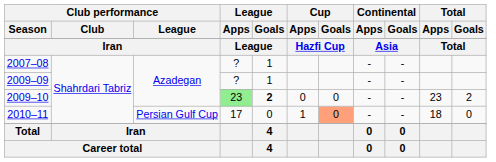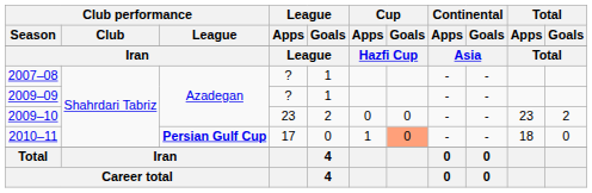 <table class="wikitable" style="text-align:center">
 <tr>
 <th colspan=3>Club performance</th>
 <th colspan=2>League</th>
 <th colspan=2>Cup</th>
 <th colspan=2>Continental</th>
 <th colspan=2>Total</th>
 </tr>
 <tr>
 <th>Season</th>
 <th>Club</th>
 <th>League</th>
 <th>Apps</th>
 <th>Goals</th>
 <th>Apps</th>
 <th>Goals</th>
 <th>Apps</th>
 <th>Goals</th>
 <th>Apps</th>
 <th>Goals</th>
 </tr>
 <tr>
 </tr>
 <tr>
 <th colspan=3>Iran</th>
 <th colspan=2>League</th>
 <th colspan=2><a href='#'>Hazfi Cup</a></th>
 <th colspan=2><a href='#'>Asia</a></th>
 <th colspan=2>Total</th>
 </tr>
 <tr>
 <td><a href='#'>2007–08</a></td>
 <td rowspan="4"><a href='#'>Shahrdari Tabriz</a></td>
 <td rowspan="3"><a href='#'>Azadegan</a></td>
 <td>?</td>
 <td>1</td>
 <td></td>
 <td></td>
 <td>-</td>
 <td>-</td>
 <td></td>
 <td></td>
 </tr>
 <tr>
 <td><a href='#'>2009–09</a></td>
 <td>?</td>
 <td>1</td>
 <td></td>
 <td></td>
 <td>-</td>
 <td>-</td>
 <td></td>
 <td></td>
 </tr>
 <tr>
 <td><a href='#'>2009–10</a></td>
-<td style="background: lightgreen;">23</td>
-<td><strong>2</strong></td>
+<td>23</td>
+<td>2</td>
 <td>0</td>
 <td>0</td>
 <td>-</td>
 <td>-</td>
 <td>23</td>
 <td>2</td>
 </tr>
 <tr>
 <td><a href='#'>2010–11</a></td>
-<td rowspan="1"><a href='#'>Persian Gulf Cup</a></td>
+<td rowspan="1"><strong><a href='#'>Persian Gulf Cup</a></strong></td>
 <td>17</td>
 <td>0</td>
 <td>1</td>
 <td style="background: lightsalmon;">0</td>
 <td>-</td>
 <td>-</td>
 <td>18</td>
 <td>0</td>
 </tr>
 <tr>
 </tr>
 <tr>
 <th rowspan=1>Total</th>
 <th colspan=2>Iran</th>
 <th></th>
 <th>4</th>
 <th></th>
 <th></th>
 <th>0</th>
 <th>0</th>
 <th></th>
 <th></th>
 </tr>
 <tr>
 <th colspan=3>Career total</th>
 <th></th>
 <th>4</th>
 <th></th>
 <th></th>
 <th>0</th>
 <th>0</th>
 <th></th>
 <th></th>
 </tr>
 </table>
